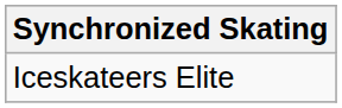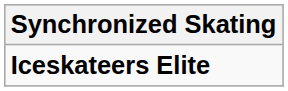 <table class="wikitable">
 <tr>
 <th>Synchronized Skating</th>
 </tr>
 <tr>
-<td> Iceskateers Elite</td>
+<td><strong> Iceskateers Elite</strong></td>
 </tr>
 </table>
